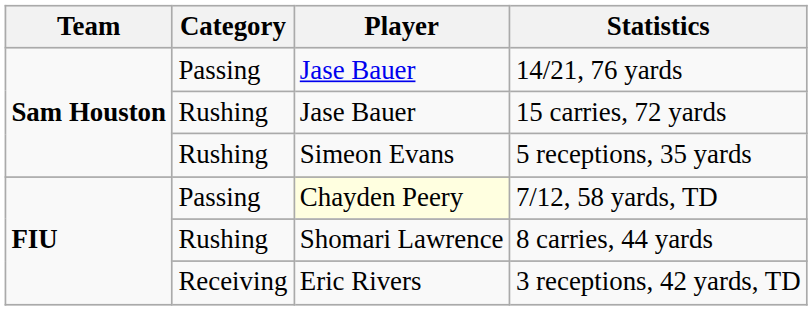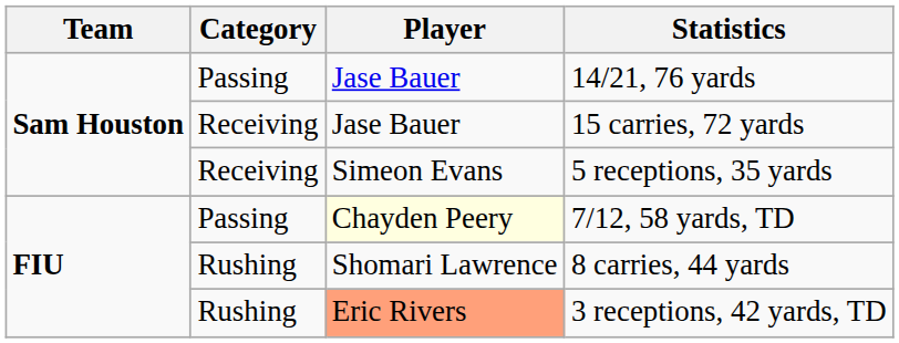 <table class="wikitable" style="float: right;">
 <tr>
 <th>Team</th>
 <th>Category</th>
 <th>Player</th>
 <th>Statistics</th>
 </tr>
 <tr>
 <td rowspan=3><strong>Sam Houston</strong></td>
 <td>Passing</td>
 <td><a href='#'>Jase Bauer</a></td>
 <td>14/21, 76 yards</td>
 </tr>
 <tr>
-<td>Rushing</td>
+<td>Receiving</td>
 <td>Jase Bauer</td>
 <td>15 carries, 72 yards</td>
 </tr>
 <tr>
-<td>Rushing</td>
+<td>Receiving</td>
 <td>Simeon Evans</td>
 <td>5 receptions, 35 yards</td>
 </tr>
 <tr>
 <td rowspan=3><strong>FIU</strong></td>
 <td>Passing</td>
 <td style="background: lightyellow;">Chayden Peery</td>
 <td>7/12, 58 yards, TD</td>
 </tr>
 <tr>
 <td>Rushing</td>
 <td>Shomari Lawrence</td>
 <td>8 carries, 44 yards</td>
 </tr>
 <tr>
-<td>Receiving</td>
-<td>Eric Rivers</td>
+<td>Rushing</td>
+<td style="background: lightsalmon;">Eric Rivers</td>
 <td>3 receptions, 42 yards, TD</td>
 </tr>
 </table>
